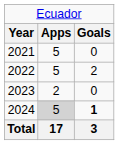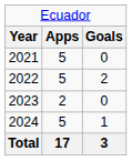 <table class="wikitable" style="text-align:center">
 <tr>
 <td colspan=3><a href='#'>Ecuador</a></td>
 </tr>
 <tr>
 <th>Year</th>
 <th>Apps</th>
 <th>Goals</th>
 </tr>
 <tr>
 <td>2021</td>
 <td>5</td>
 <td>0</td>
 </tr>
 <tr>
 <td>2022</td>
 <td>5</td>
 <td>2</td>
 </tr>
 <tr>
 <td>2023</td>
 <td>2</td>
 <td>0</td>
 </tr>
 <tr>
 <td>2024</td>
-<td style="background: lightgrey;">5</td>
-<td><strong>1</strong></td>
+<td>5</td>
+<td>1</td>
 </tr>
 <tr>
 <th>Total</th>
 <th>17</th>
 <th>3</th>
 </tr>
 </table>
